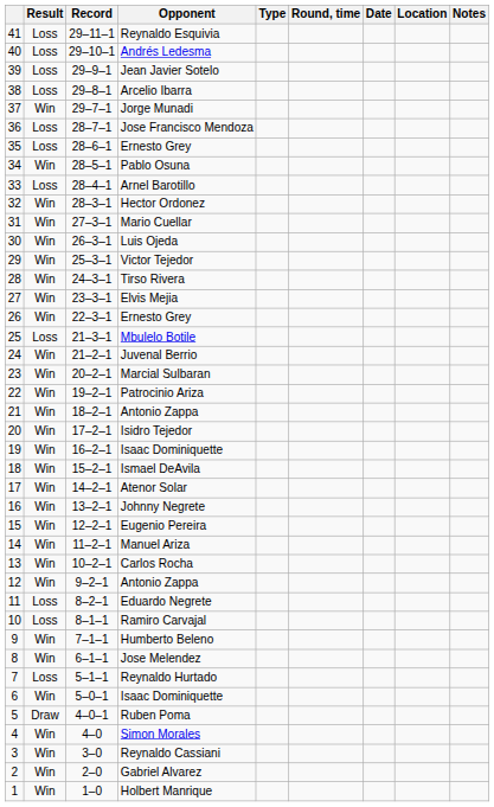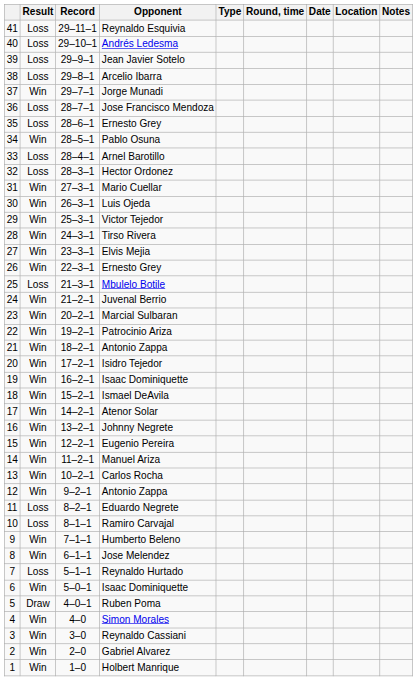 <table class="wikitable" style="text-align:center">
 <tr>
 <th></th>
 <th>Result</th>
 <th>Record</th>
 <th>Opponent</th>
 <th>Type</th>
 <th>Round, time</th>
 <th>Date</th>
 <th>Location</th>
 <th>Notes</th>
 </tr>
 <tr>
 <td>41</td>
 <td>Loss</td>
 <td>29–11–1</td>
 <td align=left>Reynaldo Esquivia</td>
 <td></td>
 <td></td>
 <td></td>
 <td align=left></td>
 <td align=left></td>
 </tr>
 <tr>
 <td>40</td>
 <td>Loss</td>
 <td>29–10–1</td>
 <td align=left><a href='#'>Andrés Ledesma</a></td>
 <td></td>
 <td></td>
 <td></td>
 <td align=left></td>
 <td align=left></td>
 </tr>
 <tr>
 <td>39</td>
 <td>Loss</td>
 <td>29–9–1</td>
 <td align=left>Jean Javier Sotelo</td>
 <td></td>
 <td></td>
 <td></td>
 <td align=left></td>
 <td align=left></td>
 </tr>
 <tr>
 <td>38</td>
 <td>Loss</td>
 <td>29–8–1</td>
 <td align=left>Arcelio Ibarra</td>
 <td></td>
 <td></td>
 <td></td>
 <td align=left></td>
 <td align=left></td>
 </tr>
 <tr>
 <td>37</td>
 <td>Win</td>
 <td>29–7–1</td>
 <td align=left>Jorge Munadi</td>
 <td></td>
 <td></td>
 <td></td>
 <td align=left></td>
 <td align=left></td>
 </tr>
 <tr>
 <td>36</td>
 <td>Loss</td>
 <td>28–7–1</td>
 <td align=left>Jose Francisco Mendoza</td>
 <td></td>
 <td></td>
 <td></td>
 <td align=left></td>
 <td align=left></td>
 </tr>
 <tr>
 <td>35</td>
 <td>Loss</td>
 <td>28–6–1</td>
 <td align=left>Ernesto Grey</td>
 <td></td>
 <td></td>
 <td></td>
 <td align=left></td>
 <td align=left></td>
 </tr>
 <tr>
 <td>34</td>
 <td>Win</td>
 <td>28–5–1</td>
 <td align=left>Pablo Osuna</td>
 <td></td>
 <td></td>
 <td></td>
 <td align=left></td>
 <td align=left></td>
 </tr>
 <tr>
 <td>33</td>
 <td>Loss</td>
 <td>28–4–1</td>
 <td align=left>Arnel Barotillo</td>
 <td></td>
 <td></td>
 <td></td>
 <td align=left></td>
 <td align=left></td>
 </tr>
 <tr>
 <td>32</td>
-<td>Win</td>
+<td>Loss</td>
 <td>28–3–1</td>
 <td align=left>Hector Ordonez</td>
 <td></td>
 <td></td>
 <td></td>
 <td align=left></td>
 <td align=left></td>
 </tr>
 <tr>
 <td>31</td>
 <td>Win</td>
 <td>27–3–1</td>
 <td align=left>Mario Cuellar</td>
 <td></td>
 <td></td>
 <td></td>
 <td align=left></td>
 <td align=left></td>
 </tr>
 <tr>
 <td>30</td>
 <td>Win</td>
 <td>26–3–1</td>
 <td align=left>Luis Ojeda</td>
 <td></td>
 <td></td>
 <td></td>
 <td align=left></td>
 <td align=left></td>
 </tr>
 <tr>
 <td>29</td>
 <td>Win</td>
 <td>25–3–1</td>
 <td align=left>Victor Tejedor</td>
 <td></td>
 <td></td>
 <td></td>
 <td align=left></td>
 <td align=left></td>
 </tr>
 <tr>
 <td>28</td>
 <td>Win</td>
 <td>24–3–1</td>
 <td align=left>Tirso Rivera</td>
 <td></td>
 <td></td>
 <td></td>
 <td align=left></td>
 <td align=left></td>
 </tr>
 <tr>
 <td>27</td>
 <td>Win</td>
 <td>23–3–1</td>
 <td align=left>Elvis Mejia</td>
 <td></td>
 <td></td>
 <td></td>
 <td align=left></td>
 <td align=left></td>
 </tr>
 <tr>
 <td>26</td>
 <td>Win</td>
 <td>22–3–1</td>
 <td align=left>Ernesto Grey</td>
 <td></td>
 <td></td>
 <td></td>
 <td align=left></td>
 <td align=left></td>
 </tr>
 <tr>
 <td>25</td>
 <td>Loss</td>
 <td>21–3–1</td>
 <td align=left><a href='#'>Mbulelo Botile</a></td>
 <td></td>
 <td></td>
 <td></td>
 <td align=left></td>
 <td align=left></td>
 </tr>
 <tr>
 <td>24</td>
 <td>Win</td>
 <td>21–2–1</td>
 <td align=left>Juvenal Berrio</td>
 <td></td>
 <td></td>
 <td></td>
 <td align=left></td>
 <td align=left></td>
 </tr>
 <tr>
 <td>23</td>
 <td>Win</td>
 <td>20–2–1</td>
 <td align=left>Marcial Sulbaran</td>
 <td></td>
 <td></td>
 <td></td>
 <td align=left></td>
 <td align=left></td>
 </tr>
 <tr>
 <td>22</td>
 <td>Win</td>
 <td>19–2–1</td>
 <td align=left>Patrocinio Ariza</td>
 <td></td>
 <td></td>
 <td></td>
 <td align=left></td>
 <td align=left></td>
 </tr>
 <tr>
 <td>21</td>
 <td>Win</td>
 <td>18–2–1</td>
 <td align=left>Antonio Zappa</td>
 <td></td>
 <td></td>
 <td></td>
 <td align=left></td>
 <td align=left></td>
 </tr>
 <tr>
 <td>20</td>
 <td>Win</td>
 <td>17–2–1</td>
 <td align=left>Isidro Tejedor</td>
 <td></td>
 <td></td>
 <td></td>
 <td align=left></td>
 <td align=left></td>
 </tr>
 <tr>
 <td>19</td>
 <td>Win</td>
 <td>16–2–1</td>
 <td align=left>Isaac Dominiquette</td>
 <td></td>
 <td></td>
 <td></td>
 <td align=left></td>
 <td align=left></td>
 </tr>
 <tr>
 <td>18</td>
 <td>Win</td>
 <td>15–2–1</td>
 <td align=left>Ismael DeAvila</td>
 <td></td>
 <td></td>
 <td></td>
 <td align=left></td>
 <td align=left></td>
 </tr>
 <tr>
 <td>17</td>
 <td>Win</td>
 <td>14–2–1</td>
 <td align=left>Atenor Solar</td>
 <td></td>
 <td></td>
 <td></td>
 <td align=left></td>
 <td align=left></td>
 </tr>
 <tr>
 <td>16</td>
 <td>Win</td>
 <td>13–2–1</td>
 <td align=left>Johnny Negrete</td>
 <td></td>
 <td></td>
 <td></td>
 <td align=left></td>
 <td align=left></td>
 </tr>
 <tr>
 <td>15</td>
 <td>Win</td>
 <td>12–2–1</td>
 <td align=left>Eugenio Pereira</td>
 <td></td>
 <td></td>
 <td></td>
 <td align=left></td>
 <td align=left></td>
 </tr>
 <tr>
 <td>14</td>
 <td>Win</td>
 <td>11–2–1</td>
 <td align=left>Manuel Ariza</td>
 <td></td>
 <td></td>
 <td></td>
 <td align=left></td>
 <td align=left></td>
 </tr>
 <tr>
 <td>13</td>
 <td>Win</td>
 <td>10–2–1</td>
 <td align=left>Carlos Rocha</td>
 <td></td>
 <td></td>
 <td></td>
 <td align=left></td>
 <td align=left></td>
 </tr>
 <tr>
 <td>12</td>
 <td>Win</td>
 <td>9–2–1</td>
 <td align=left>Antonio Zappa</td>
 <td></td>
 <td></td>
 <td></td>
 <td align=left></td>
 <td align=left></td>
 </tr>
 <tr>
 <td>11</td>
 <td>Loss</td>
 <td>8–2–1</td>
 <td align=left>Eduardo Negrete</td>
 <td></td>
 <td></td>
 <td></td>
 <td align=left></td>
 <td align=left></td>
 </tr>
 <tr>
 <td>10</td>
 <td>Loss</td>
 <td>8–1–1</td>
 <td align=left>Ramiro Carvajal</td>
 <td></td>
 <td></td>
 <td></td>
 <td align=left></td>
 <td align=left></td>
 </tr>
 <tr>
 <td>9</td>
 <td>Win</td>
 <td>7–1–1</td>
 <td align=left>Humberto Beleno</td>
 <td></td>
 <td></td>
 <td></td>
 <td align=left></td>
 <td align=left></td>
 </tr>
 <tr>
 <td>8</td>
 <td>Win</td>
 <td>6–1–1</td>
 <td align=left>Jose Melendez</td>
 <td></td>
 <td></td>
 <td></td>
 <td align=left></td>
 <td align=left></td>
 </tr>
 <tr>
 <td>7</td>
 <td>Loss</td>
 <td>5–1–1</td>
 <td align=left>Reynaldo Hurtado</td>
 <td></td>
 <td></td>
 <td></td>
 <td align=left></td>
 <td align=left></td>
 </tr>
 <tr>
 <td>6</td>
 <td>Win</td>
 <td>5–0–1</td>
 <td align=left>Isaac Dominiquette</td>
 <td></td>
 <td></td>
 <td></td>
 <td align=left></td>
 <td align=left></td>
 </tr>
 <tr>
 <td>5</td>
 <td>Draw</td>
 <td>4–0–1</td>
 <td align=left>Ruben Poma</td>
 <td></td>
 <td></td>
 <td></td>
 <td align=left></td>
 <td align=left></td>
 </tr>
 <tr>
 <td>4</td>
 <td>Win</td>
 <td>4–0</td>
 <td align=left><a href='#'>Simon Morales</a></td>
 <td></td>
 <td></td>
 <td></td>
 <td align=left></td>
 <td align=left></td>
 </tr>
 <tr>
 <td>3</td>
 <td>Win</td>
 <td>3–0</td>
 <td align=left>Reynaldo Cassiani</td>
 <td></td>
 <td></td>
 <td></td>
 <td align=left></td>
 <td align=left></td>
 </tr>
 <tr>
 <td>2</td>
 <td>Win</td>
 <td>2–0</td>
 <td align=left>Gabriel Alvarez</td>
 <td></td>
 <td></td>
 <td></td>
 <td align=left></td>
 <td align=left></td>
 </tr>
 <tr>
 <td>1</td>
 <td>Win</td>
 <td>1–0</td>
 <td align=left>Holbert Manrique</td>
 <td></td>
 <td></td>
 <td></td>
 <td align=left></td>
 <td align=left></td>
 </tr>
 </table>
